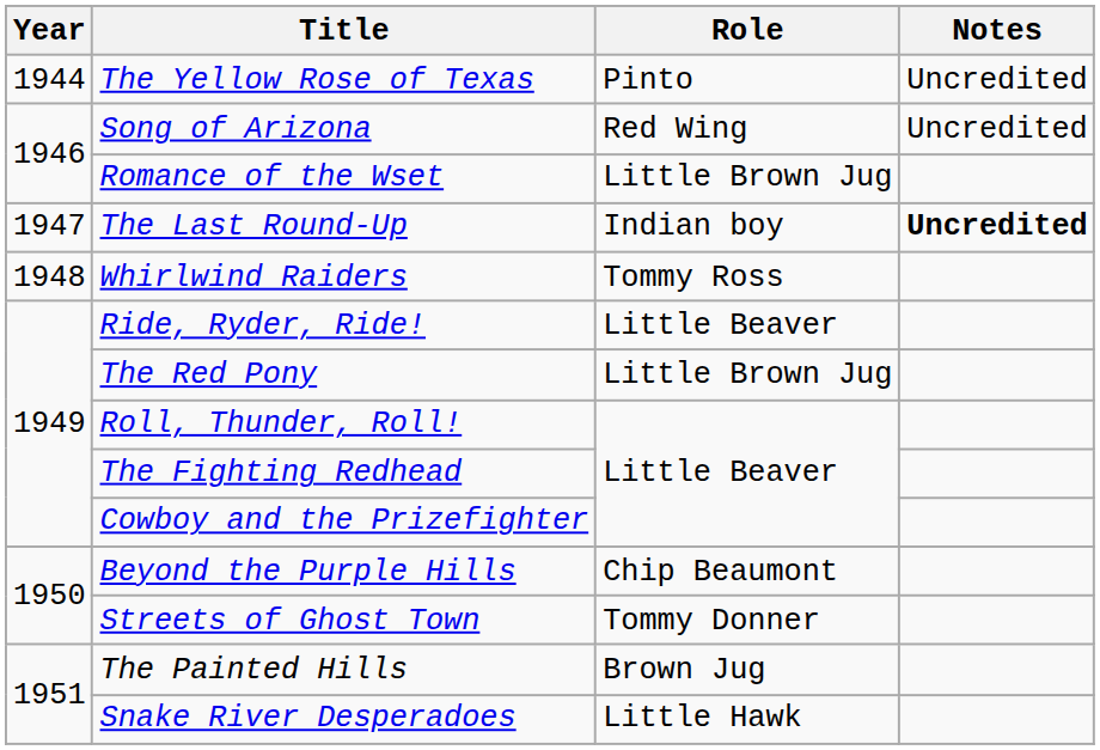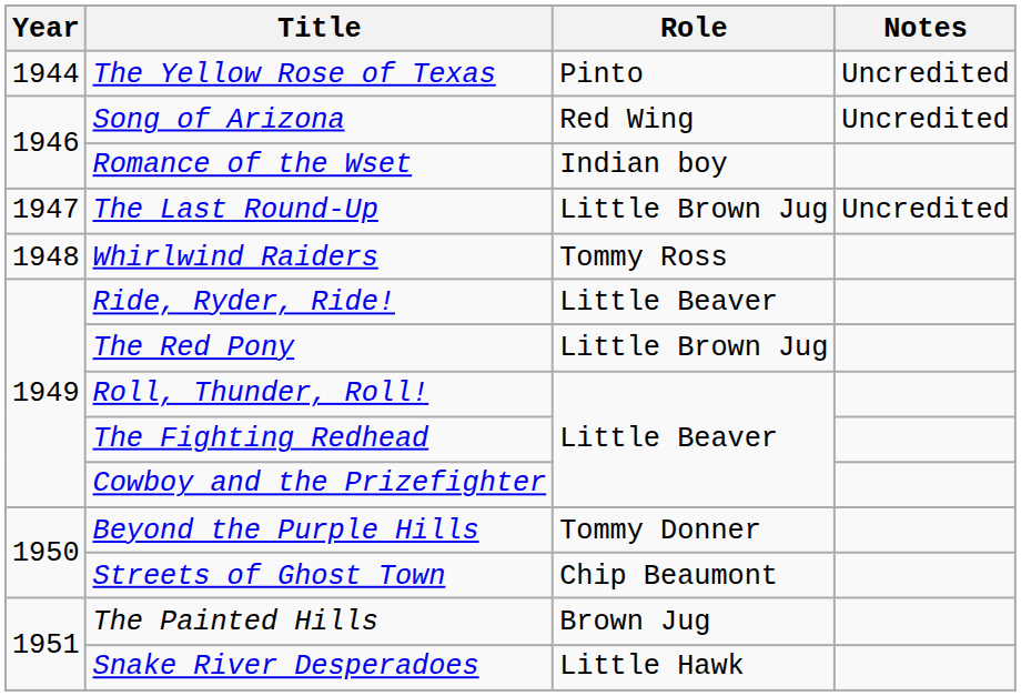 <table class="wikitable">
 <tr>
 <th>Year</th>
 <th>Title</th>
 <th>Role</th>
 <th>Notes</th>
 </tr>
 <tr>
 <td rowspan=1>1944</td>
 <td><em><a href='#'>The Yellow Rose of Texas</a></em></td>
 <td>Pinto</td>
 <td>Uncredited</td>
 </tr>
 <tr>
 <td rowspan=2>1946</td>
 <td><em><a href='#'>Song of Arizona</a></em></td>
 <td>Red Wing</td>
 <td>Uncredited</td>
 </tr>
 <tr>
 <td><em><a href='#'>Romance of the Wset</a></em></td>
-<td>Little Brown Jug</td>
+<td>Indian boy</td>
 <td></td>
 </tr>
 <tr>
 <td rowspan=1>1947</td>
 <td><em><a href='#'>The Last Round-Up</a></em></td>
-<td>Indian boy</td>
-<td><strong>Uncredited</strong></td>
+<td>Little Brown Jug</td>
+<td>Uncredited</td>
 </tr>
 <tr>
 <td rowspan=1>1948</td>
 <td><em><a href='#'>Whirlwind Raiders</a></em></td>
 <td>Tommy Ross</td>
 <td></td>
 </tr>
 <tr>
 <td rowspan=5>1949</td>
 <td><em><a href='#'>Ride, Ryder, Ride!</a></em></td>
 <td>Little Beaver</td>
 <td></td>
 </tr>
 <tr>
 <td><em><a href='#'>The Red Pony</a></em></td>
 <td>Little Brown Jug</td>
 <td></td>
 </tr>
 <tr>
 <td><em><a href='#'>Roll, Thunder, Roll!</a></em></td>
 <td rowspan=3>Little Beaver</td>
 <td></td>
 </tr>
 <tr>
 <td><em><a href='#'>The Fighting Redhead</a></em></td>
 <td></td>
 </tr>
 <tr>
 <td><em><a href='#'>Cowboy and the Prizefighter</a></em></td>
 <td></td>
 </tr>
 <tr>
 <td rowspan=2>1950</td>
 <td><em><a href='#'>Beyond the Purple Hills</a></em></td>
-<td>Chip Beaumont</td>
+<td>Tommy Donner</td>
 <td></td>
 </tr>
 <tr>
 <td><em><a href='#'>Streets of Ghost Town</a></em></td>
-<td>Tommy Donner</td>
+<td>Chip Beaumont</td>
 <td></td>
 </tr>
 <tr>
 <td rowspan=2>1951</td>
 <td><em>The Painted Hills</em></td>
 <td>Brown Jug</td>
 <td></td>
 </tr>
 <tr>
 <td><em><a href='#'>Snake River Desperadoes</a></em></td>
 <td>Little Hawk</td>
 <td></td>
 </tr>
 </table>
